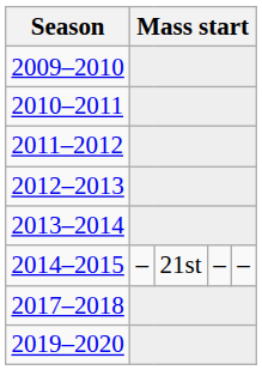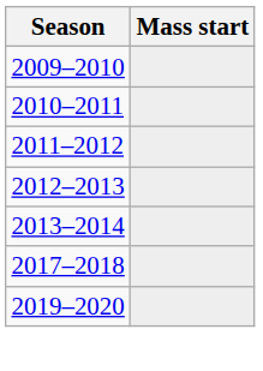 <table class="wikitable" style="display: inline-table;">
 <tr>
 <th>Season</th>
 <th colspan="4">Mass start</th>
 </tr>
 <tr>
 <td><a href='#'>2009–2010</a></td>
 <td colspan="4" bgcolor=#EEEEEE></td>
 </tr>
 <tr>
 <td><a href='#'>2010–2011</a></td>
 <td colspan="4" bgcolor=#EEEEEE></td>
 </tr>
 <tr>
 <td><a href='#'>2011–2012</a></td>
 <td colspan="4" bgcolor=#EEEEEE></td>
 </tr>
 <tr>
 <td><a href='#'>2012–2013</a></td>
 <td colspan="4" bgcolor=#EEEEEE></td>
 </tr>
 <tr>
 <td><a href='#'>2013–2014</a></td>
 <td colspan="4" bgcolor=#EEEEEE></td>
 </tr>
 <tr>
-<td><a href='#'>2014–2015</a></td>
-<td>–</td>
-<td>21st</td>
-<td>–</td>
-<td>–</td>
-</tr>
-<tr>
 <td><a href='#'>2017–2018</a></td>
 <td colspan="4" bgcolor=#EEEEEE></td>
 </tr>
 <tr>
 <td><a href='#'>2019–2020</a></td>
 <td colspan="4" bgcolor=#EEEEEE></td>
 </tr>
 </table>
